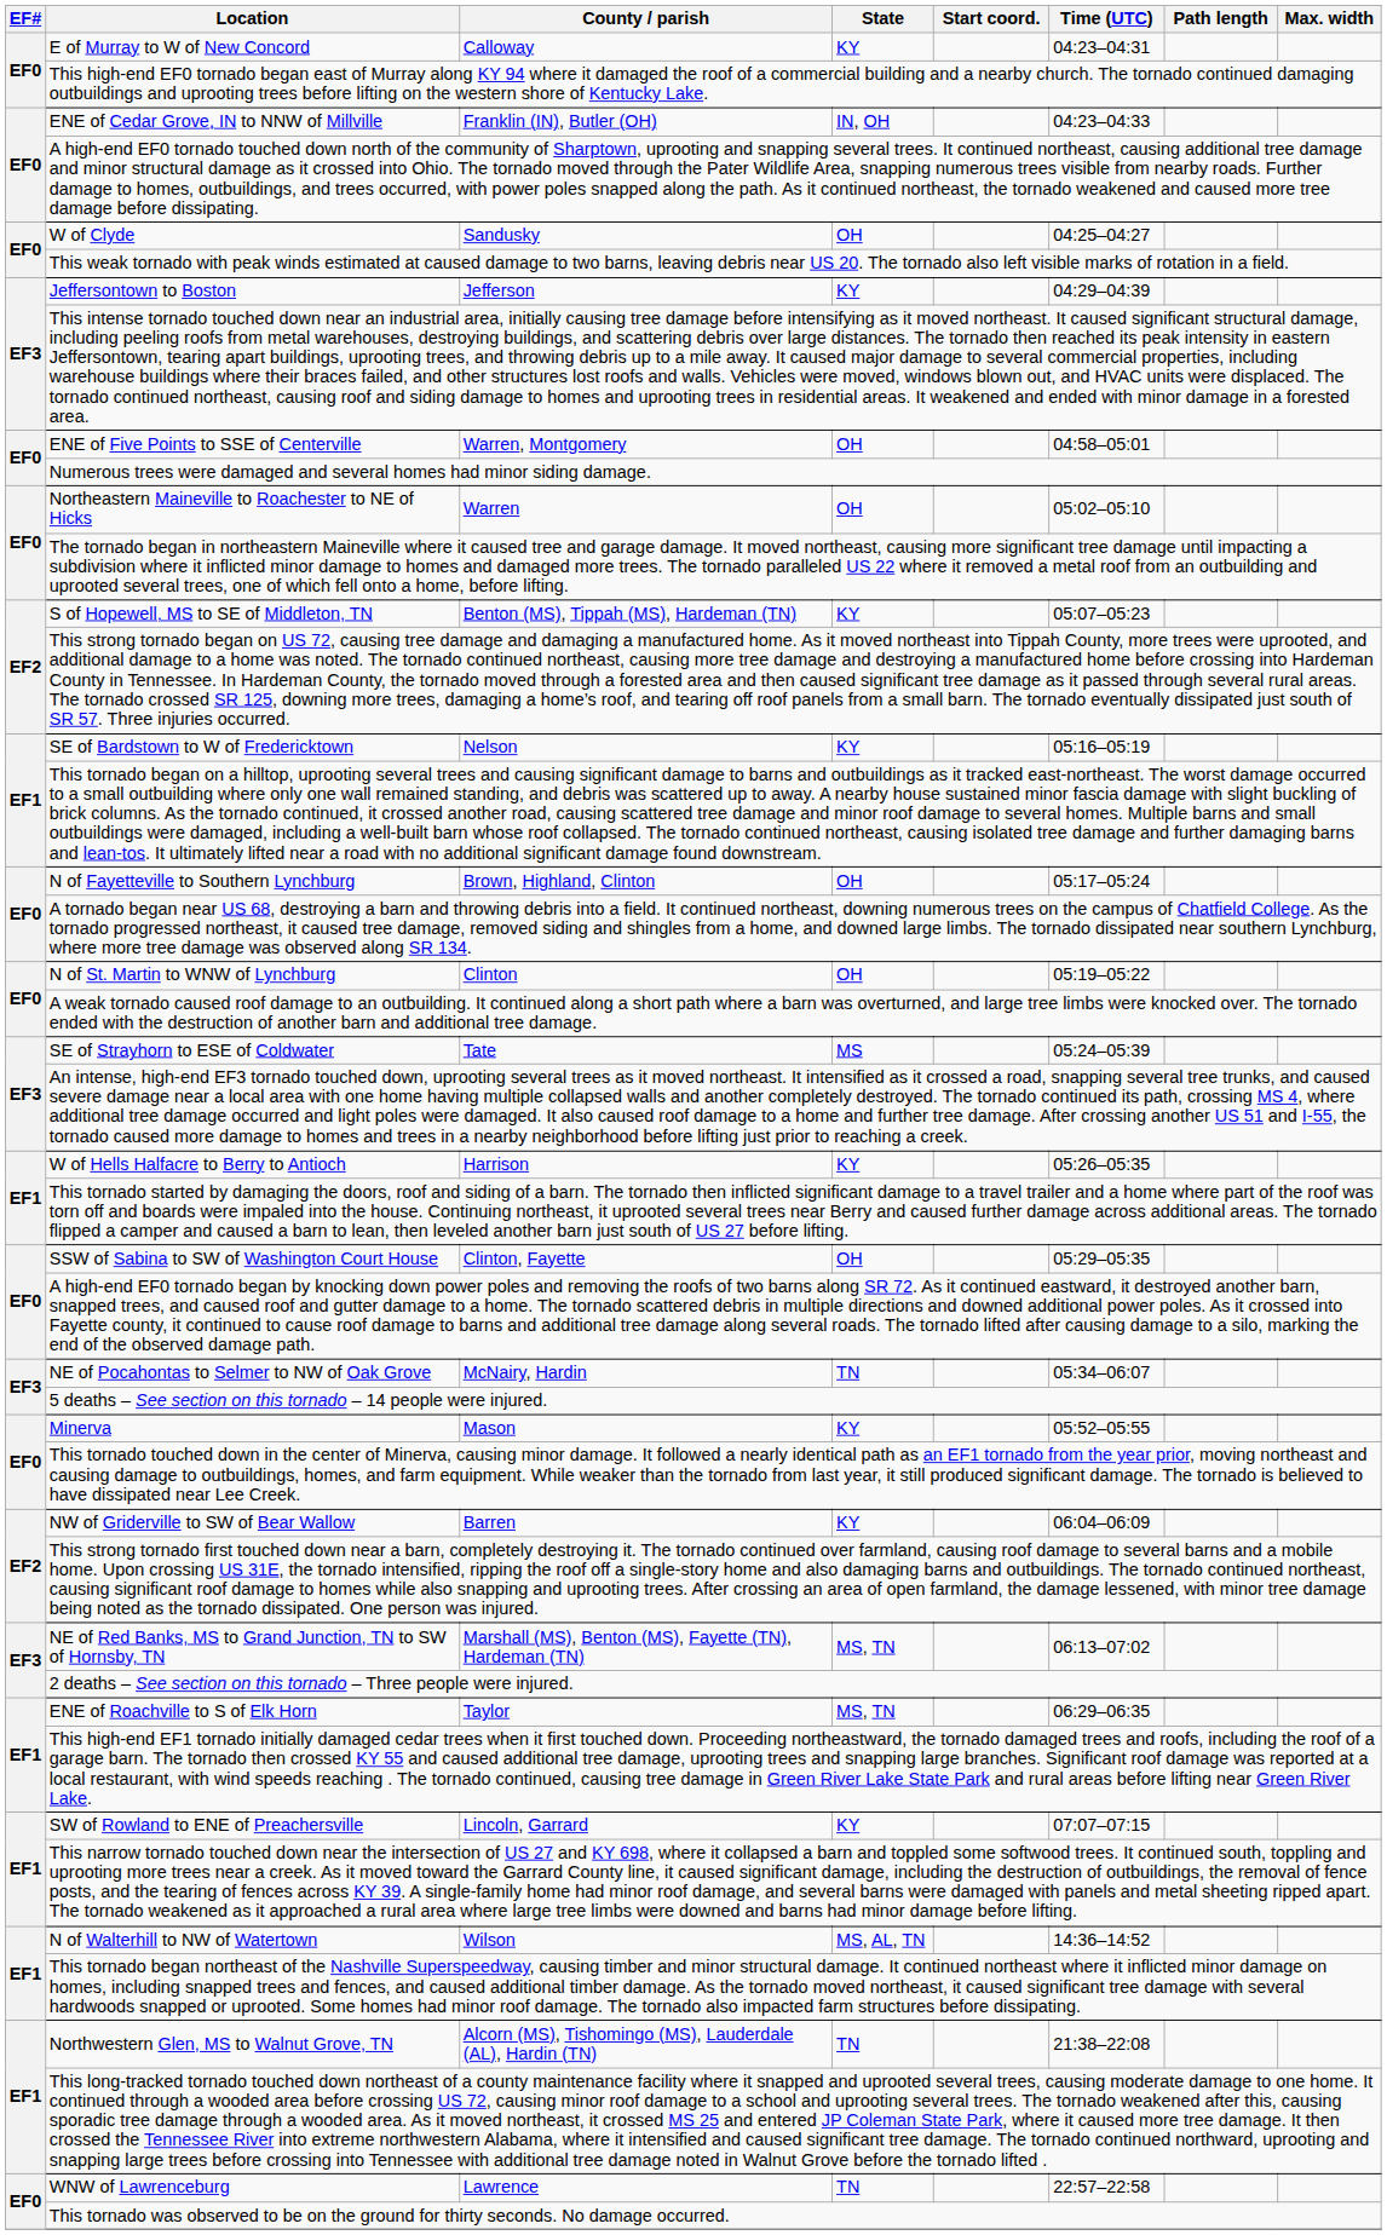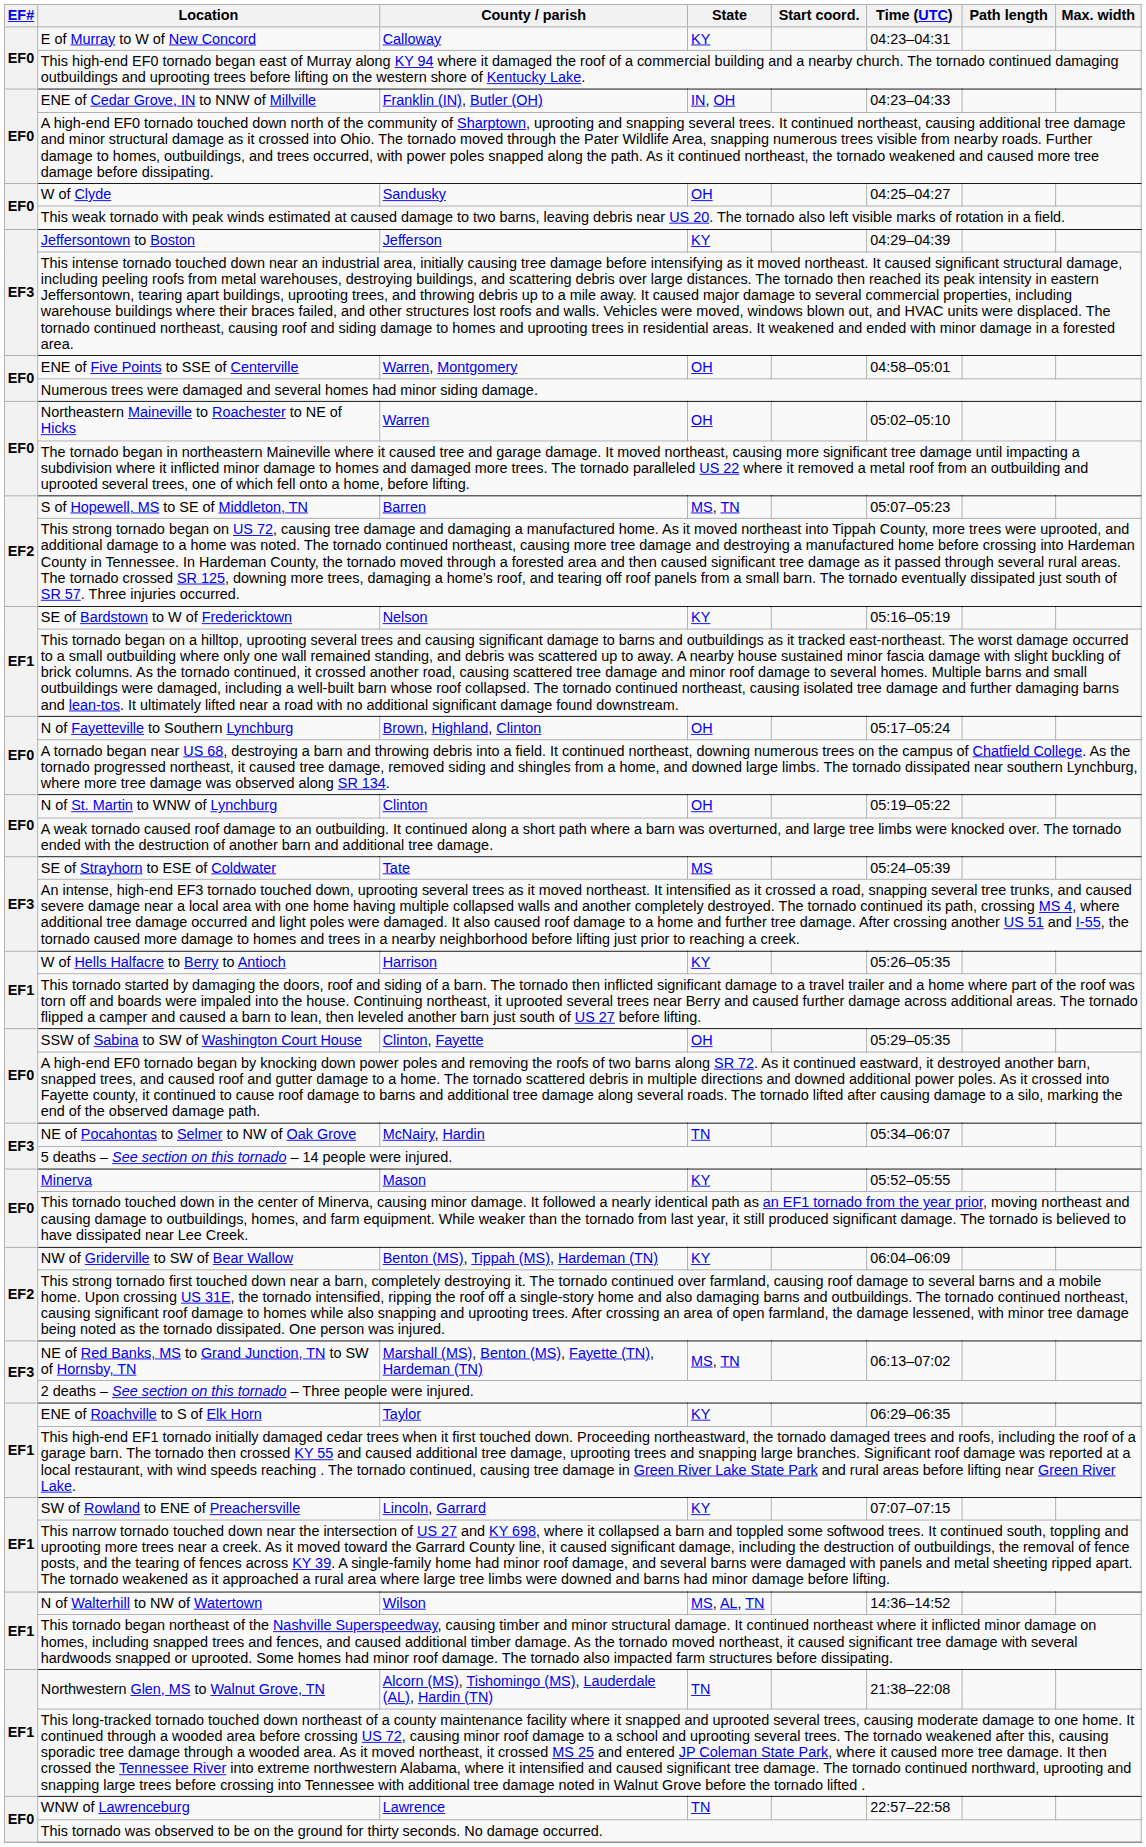 <table class="wikitable sortable" style="width:100%;">
 <tr>
 <th scope="col" width="2%" align="center"><a href='#'>EF#</a></th>
 <th scope="col" align="center" class="unsortable">Location</th>
 <th scope="col" align="center" class="unsortable">County / parish</th>
 <th scope="col" align="center">State</th>
 <th scope="col" align="center">Start coord.</th>
 <th scope="col" align="center">Time (<a href='#'>UTC</a>)</th>
 <th scope="col" align="center">Path length</th>
 <th scope="col" align="center">Max. width</th>
 </tr>
 <tr>
 <th scope="row" rowspan="2" style="background-color:#">EF0</th>
 <td>E of <a href='#'>Murray</a> to W of <a href='#'>New Concord</a></td>
 <td><a href='#'>Calloway</a></td>
 <td><a href='#'>KY</a></td>
 <td></td>
 <td>04:23–04:31</td>
 <td></td>
 <td></td>
 </tr>
 <tr class="expand-child">
 <td colspan="8" style=" border-bottom: 1px solid black;">This high-end EF0 tornado began east of Murray along <a href='#'>KY 94</a> where it damaged the roof of a commercial building and a nearby church. The tornado continued damaging outbuildings and uprooting trees before lifting on the western shore of <a href='#'>Kentucky Lake</a>.</td>
 </tr>
 <tr>
 <th scope="row" rowspan="2" style="background-color:#">EF0</th>
 <td>ENE of <a href='#'>Cedar Grove, IN</a> to NNW of <a href='#'>Millville</a></td>
 <td><a href='#'>Franklin (IN)</a>, <a href='#'>Butler (OH)</a></td>
 <td><a href='#'>IN</a>, <a href='#'>OH</a></td>
 <td></td>
 <td>04:23–04:33</td>
 <td></td>
 <td></td>
 </tr>
 <tr class="expand-child">
 <td colspan="8" style=" border-bottom: 1px solid black;">A high-end EF0 tornado touched down north of the community of <a href='#'>Sharptown</a>, uprooting and snapping several trees. It continued northeast, causing additional tree damage and minor structural damage as it crossed into Ohio. The tornado moved through the Pater Wildlife Area, snapping numerous trees visible from nearby roads. Further damage to homes, outbuildings, and trees occurred, with power poles snapped along the path. As it continued northeast, the tornado weakened and caused more tree damage before dissipating.</td>
 </tr>
 <tr>
 <th scope="row" rowspan="2" style="background-color:#">EF0</th>
 <td>W of <a href='#'>Clyde</a></td>
 <td><a href='#'>Sandusky</a></td>
 <td><a href='#'>OH</a></td>
 <td></td>
 <td>04:25–04:27</td>
 <td></td>
 <td></td>
 </tr>
 <tr class="expand-child">
 <td colspan="8" style=" border-bottom: 1px solid black;">This weak tornado with peak winds estimated at  caused damage to two barns, leaving debris near <a href='#'>US 20</a>. The tornado also left visible marks of rotation in a field.</td>
 </tr>
 <tr>
 <th scope="row" rowspan="2" style="background-color:#">EF3</th>
 <td><a href='#'>Jeffersontown</a> to <a href='#'>Boston</a></td>
 <td><a href='#'>Jefferson</a></td>
 <td><a href='#'>KY</a></td>
 <td></td>
 <td>04:29–04:39</td>
 <td></td>
 <td></td>
 </tr>
 <tr class="expand-child">
 <td colspan="8" style=" border-bottom: 1px solid black;">This intense tornado touched down near an industrial area, initially causing tree damage before intensifying as it moved northeast. It caused significant structural damage, including peeling roofs from metal warehouses, destroying buildings, and scattering debris over large distances. The tornado then reached its peak intensity in eastern Jeffersontown, tearing apart buildings, uprooting trees, and throwing debris up to a mile away. It caused major damage to several commercial properties, including warehouse buildings where their braces failed, and other structures lost roofs and walls. Vehicles were moved, windows blown out, and HVAC units were displaced. The tornado continued northeast, causing roof and siding damage to homes and uprooting trees in residential areas. It weakened and ended with minor damage in a forested area.</td>
 </tr>
 <tr>
 <th scope="row" rowspan="2" style="background-color:#">EF0</th>
 <td>ENE of <a href='#'>Five Points</a> to SSE of <a href='#'>Centerville</a></td>
 <td><a href='#'>Warren</a>, <a href='#'>Montgomery</a></td>
 <td><a href='#'>OH</a></td>
 <td></td>
 <td>04:58–05:01</td>
 <td></td>
 <td></td>
 </tr>
 <tr class="expand-child">
 <td colspan="8" style=" border-bottom: 1px solid black;">Numerous trees were damaged and several homes had minor siding damage.</td>
 </tr>
 <tr>
 <th scope="row" rowspan="2" style="background-color:#">EF0</th>
 <td>Northeastern <a href='#'>Maineville</a> to <a href='#'>Roachester</a> to NE of <a href='#'>Hicks</a></td>
 <td><a href='#'>Warren</a></td>
 <td><a href='#'>OH</a></td>
 <td></td>
 <td>05:02–05:10</td>
 <td></td>
 <td></td>
 </tr>
 <tr class="expand-child">
 <td colspan="8" style=" border-bottom: 1px solid black;">The tornado began in northeastern Maineville where it caused tree and garage damage. It moved northeast, causing more significant tree damage until impacting a subdivision where it inflicted minor damage to homes and damaged more trees. The tornado paralleled <a href='#'>US 22</a> where it removed a metal roof from an outbuilding and uprooted several trees, one of which fell onto a home, before lifting.</td>
 </tr>
 <tr>
 <th scope="row" rowspan="2" style="background-color:#">EF2</th>
 <td>S of <a href='#'>Hopewell, MS</a> to SE of <a href='#'>Middleton, TN</a></td>
-<td><a href='#'>Benton (MS)</a>, <a href='#'>Tippah (MS)</a>, <a href='#'>Hardeman (TN)</a></td>
-<td><a href='#'>KY</a></td>
+<td><a href='#'>Barren</a></td>
+<td><a href='#'>MS</a>, <a href='#'>TN</a></td>
 <td></td>
 <td>05:07–05:23</td>
 <td></td>
 <td></td>
 </tr>
 <tr class="expand-child">
 <td colspan="8" style=" border-bottom: 1px solid black;">This strong tornado began on <a href='#'>US 72</a>, causing tree damage and damaging a manufactured home. As it moved northeast into Tippah County, more trees were uprooted, and additional damage to a home was noted. The tornado continued northeast, causing more tree damage and destroying a manufactured home before crossing into Hardeman County in Tennessee. In Hardeman County, the tornado moved through a forested area and then caused significant tree damage as it passed through several rural areas. The tornado crossed <a href='#'>SR 125</a>, downing more trees, damaging a home’s roof, and tearing off roof panels from a small barn. The tornado eventually dissipated just south of <a href='#'>SR 57</a>. Three injuries occurred.</td>
 </tr>
 <tr>
 <th scope="row" rowspan="2" style="background-color:#">EF1</th>
 <td>SE of <a href='#'>Bardstown</a> to W of <a href='#'>Fredericktown</a></td>
 <td><a href='#'>Nelson</a></td>
 <td><a href='#'>KY</a></td>
 <td></td>
 <td>05:16–05:19</td>
 <td></td>
 <td></td>
 </tr>
 <tr class="expand-child">
 <td colspan="8" style=" border-bottom: 1px solid black;">This tornado began on a hilltop, uprooting several trees and causing significant damage to barns and outbuildings as it tracked east-northeast. The worst damage occurred to a small outbuilding where only one wall remained standing, and debris was scattered up to  away. A nearby house sustained minor fascia damage with slight buckling of brick columns. As the tornado continued, it crossed another road, causing scattered tree damage and minor roof damage to several homes. Multiple barns and small outbuildings were damaged, including a well-built barn whose roof collapsed. The tornado continued northeast, causing isolated tree damage and further damaging barns and <a href='#'>lean-tos</a>. It ultimately lifted near a road with no additional significant damage found downstream.</td>
 </tr>
 <tr>
 <th scope="row" rowspan="2" style="background-color:#">EF0</th>
 <td>N of <a href='#'>Fayetteville</a> to Southern <a href='#'>Lynchburg</a></td>
 <td><a href='#'>Brown</a>, <a href='#'>Highland</a>, <a href='#'>Clinton</a></td>
 <td><a href='#'>OH</a></td>
 <td></td>
 <td>05:17–05:24</td>
 <td></td>
 <td></td>
 </tr>
 <tr class="expand-child">
 <td colspan="8" style=" border-bottom: 1px solid black;">A tornado began near <a href='#'>US 68</a>, destroying a barn and throwing debris into a field. It continued northeast, downing numerous trees on the campus of <a href='#'>Chatfield College</a>. As the tornado progressed northeast, it caused tree damage, removed siding and shingles from a home, and downed large limbs. The tornado dissipated near southern Lynchburg, where more tree damage was observed along <a href='#'>SR 134</a>.</td>
 </tr>
 <tr>
 <th scope="row" rowspan="2" style="background-color:#">EF0</th>
 <td>N of <a href='#'>St. Martin</a> to WNW of <a href='#'>Lynchburg</a></td>
 <td><a href='#'>Clinton</a></td>
 <td><a href='#'>OH</a></td>
 <td></td>
 <td>05:19–05:22</td>
 <td></td>
 <td></td>
 </tr>
 <tr class="expand-child">
 <td colspan="8" style=" border-bottom: 1px solid black;">A weak tornado caused roof damage to an outbuilding. It continued along a short path where a barn was overturned, and large tree limbs were knocked over. The tornado ended with the destruction of another barn and additional tree damage.</td>
 </tr>
 <tr>
 <th scope="row" rowspan="2" style="background-color:#">EF3</th>
 <td>SE of <a href='#'>Strayhorn</a> to ESE of <a href='#'>Coldwater</a></td>
 <td><a href='#'>Tate</a></td>
 <td><a href='#'>MS</a></td>
 <td></td>
 <td>05:24–05:39</td>
 <td></td>
 <td></td>
 </tr>
 <tr class="expand-child">
 <td colspan="8" style=" border-bottom: 1px solid black;">An intense, high-end EF3 tornado touched down, uprooting several trees as it moved northeast. It intensified as it crossed a road, snapping several tree trunks, and caused severe damage near a local area with one home having multiple collapsed walls and another completely destroyed. The tornado continued its path, crossing <a href='#'>MS 4</a>, where additional tree damage occurred and light poles were damaged. It also caused roof damage to a home and further tree damage. After crossing another <a href='#'>US 51</a> and <a href='#'>I-55</a>, the tornado caused more damage to homes and trees in a nearby neighborhood before lifting just prior to reaching a creek.</td>
 </tr>
 <tr>
 <th scope="row" rowspan="2" style="background-color:#">EF1</th>
 <td>W of <a href='#'>Hells Halfacre</a> to <a href='#'>Berry</a> to <a href='#'>Antioch</a></td>
 <td><a href='#'>Harrison</a></td>
 <td><a href='#'>KY</a></td>
 <td></td>
 <td>05:26–05:35</td>
 <td></td>
 <td></td>
 </tr>
 <tr class="expand-child">
 <td colspan="8" style=" border-bottom: 1px solid black;">This tornado started by damaging the doors, roof and siding of a barn. The tornado then inflicted significant damage to a travel trailer and a home where part of the roof was torn off and boards were impaled into the house. Continuing northeast, it uprooted several trees near Berry and caused further damage across additional areas. The tornado flipped a camper and caused a barn to lean, then leveled another barn just south of <a href='#'>US 27</a> before lifting.</td>
 </tr>
 <tr>
 <th scope="row" rowspan="2" style="background-color:#">EF0</th>
 <td>SSW of <a href='#'>Sabina</a> to SW of <a href='#'>Washington Court House</a></td>
 <td><a href='#'>Clinton</a>, <a href='#'>Fayette</a></td>
 <td><a href='#'>OH</a></td>
 <td></td>
 <td>05:29–05:35</td>
 <td></td>
 <td></td>
 </tr>
 <tr class="expand-child">
 <td colspan="8" style=" border-bottom: 1px solid black;">A high-end EF0 tornado began by knocking down power poles and removing the roofs of two barns along <a href='#'>SR 72</a>. As it continued eastward, it destroyed another barn, snapped trees, and caused roof and gutter damage to a home. The tornado scattered debris in multiple directions and downed additional power poles. As it crossed into Fayette county, it continued to cause roof damage to barns and additional tree damage along several roads. The tornado lifted after causing damage to a silo, marking the end of the observed damage path.</td>
 </tr>
 <tr>
 <th scope="row" rowspan="2" style="background-color:#">EF3</th>
 <td>NE of <a href='#'>Pocahontas</a> to <a href='#'>Selmer</a> to NW of <a href='#'>Oak Grove</a></td>
 <td><a href='#'>McNairy</a>, <a href='#'>Hardin</a></td>
 <td><a href='#'>TN</a></td>
 <td></td>
 <td>05:34–06:07</td>
 <td></td>
 <td></td>
 </tr>
 <tr class="expand-child">
 <td colspan="8" style=" border-bottom: 1px solid black;">5 deaths – <em><a href='#'>See section on this tornado</a></em> – 14 people were injured.</td>
 </tr>
 <tr>
 <th scope="row" rowspan="2" style="background-color:#">EF0</th>
 <td><a href='#'>Minerva</a></td>
 <td><a href='#'>Mason</a></td>
 <td><a href='#'>KY</a></td>
 <td></td>
 <td>05:52–05:55</td>
 <td></td>
 <td></td>
 </tr>
 <tr class="expand-child">
 <td colspan="8" style=" border-bottom: 1px solid black;">This tornado touched down in the center of Minerva, causing minor damage. It followed a nearly identical path as <a href='#'>an EF1 tornado from the year prior</a>, moving northeast and causing damage to outbuildings, homes, and farm equipment. While weaker than the tornado from last year, it still produced significant damage. The tornado is believed to have dissipated near Lee Creek.</td>
 </tr>
 <tr>
 <th scope="row" rowspan="2" style="background-color:#">EF2</th>
 <td>NW of <a href='#'>Griderville</a> to SW of <a href='#'>Bear Wallow</a></td>
-<td><a href='#'>Barren</a></td>
+<td><a href='#'>Benton (MS)</a>, <a href='#'>Tippah (MS)</a>, <a href='#'>Hardeman (TN)</a></td>
 <td><a href='#'>KY</a></td>
 <td></td>
 <td>06:04–06:09</td>
 <td></td>
 <td></td>
 </tr>
 <tr class="expand-child">
 <td colspan="8" style=" border-bottom: 1px solid black;">This strong tornado first touched down near a barn, completely destroying it. The tornado continued over farmland, causing roof damage to several barns and a mobile home. Upon crossing <a href='#'>US 31E</a>, the tornado intensified, ripping the roof off a single-story home and also damaging barns and outbuildings. The tornado continued northeast, causing significant roof damage to homes while also snapping and uprooting trees. After crossing an area of open farmland, the damage lessened, with minor tree damage being noted as the tornado dissipated. One person was injured.</td>
 </tr>
 <tr>
 <th scope="row" rowspan="2" style="background-color:#">EF3</th>
 <td>NE of <a href='#'>Red Banks, MS</a> to <a href='#'>Grand Junction, TN</a> to SW of <a href='#'>Hornsby, TN</a></td>
 <td><a href='#'>Marshall (MS)</a>, <a href='#'>Benton (MS)</a>, <a href='#'>Fayette (TN)</a>, <a href='#'>Hardeman (TN)</a></td>
 <td><a href='#'>MS</a>, <a href='#'>TN</a></td>
 <td></td>
 <td>06:13–07:02</td>
 <td></td>
 <td></td>
 </tr>
 <tr class="expand-child">
 <td colspan="8" style=" border-bottom: 1px solid black;">2 deaths – <em><a href='#'>See section on this tornado</a></em> – Three people were injured.</td>
 </tr>
 <tr>
 <th scope="row" rowspan="2" style="background-color:#">EF1</th>
 <td>ENE of <a href='#'>Roachville</a> to S of <a href='#'>Elk Horn</a></td>
 <td><a href='#'>Taylor</a></td>
-<td><a href='#'>MS</a>, <a href='#'>TN</a></td>
+<td><a href='#'>KY</a></td>
 <td></td>
 <td>06:29–06:35</td>
 <td></td>
 <td></td>
 </tr>
 <tr class="expand-child">
 <td colspan="8" style=" border-bottom: 1px solid black;">This high-end EF1 tornado initially damaged cedar trees when it first touched down. Proceeding northeastward, the tornado damaged trees and roofs, including the roof of a garage barn. The tornado then crossed <a href='#'>KY 55</a> and caused additional tree damage, uprooting trees and snapping large branches. Significant roof damage was reported at a local restaurant, with wind speeds reaching . The tornado continued, causing tree damage in <a href='#'>Green River Lake State Park</a> and rural areas before lifting near <a href='#'>Green River Lake</a>.</td>
 </tr>
 <tr>
 <th scope="row" rowspan="2" style="background-color:#">EF1</th>
 <td>SW of <a href='#'>Rowland</a> to ENE of <a href='#'>Preachersville</a></td>
 <td><a href='#'>Lincoln</a>, <a href='#'>Garrard</a></td>
 <td><a href='#'>KY</a></td>
 <td></td>
 <td>07:07–07:15</td>
 <td></td>
 <td></td>
 </tr>
 <tr class="expand-child">
 <td colspan="8" style=" border-bottom: 1px solid black;">This narrow tornado touched down near the intersection of <a href='#'>US 27</a> and <a href='#'>KY 698</a>, where it collapsed a barn and toppled some softwood trees. It continued south, toppling and uprooting more trees near a creek. As it moved toward the Garrard County line, it caused significant damage, including the destruction of outbuildings, the removal of fence posts, and the tearing of fences across <a href='#'>KY 39</a>. A single-family home had minor roof damage, and several barns were damaged with panels and metal sheeting ripped apart. The tornado weakened as it approached a rural area where large tree limbs were downed and barns had minor damage before lifting.</td>
 </tr>
 <tr>
 <th scope="row" rowspan="2" style="background-color:#">EF1</th>
 <td>N of <a href='#'>Walterhill</a> to NW of <a href='#'>Watertown</a></td>
 <td><a href='#'>Wilson</a></td>
 <td><a href='#'>MS</a>, <a href='#'>AL</a>, <a href='#'>TN</a></td>
 <td></td>
 <td>14:36–14:52</td>
 <td></td>
 <td></td>
 </tr>
 <tr class="expand-child">
 <td colspan="8" style=" border-bottom: 1px solid black;">This tornado began northeast of the <a href='#'>Nashville Superspeedway</a>, causing timber and minor structural damage. It continued northeast where it inflicted minor damage on homes, including snapped trees and fences, and caused additional timber damage. As the tornado moved northeast, it caused significant tree damage with several hardwoods snapped or uprooted. Some homes had minor roof damage. The tornado also impacted farm structures before dissipating.</td>
 </tr>
 <tr>
 <th scope="row" rowspan="2" style="background-color:#">EF1</th>
 <td>Northwestern <a href='#'>Glen, MS</a> to <a href='#'>Walnut Grove, TN</a></td>
 <td><a href='#'>Alcorn (MS)</a>, <a href='#'>Tishomingo (MS)</a>, <a href='#'>Lauderdale (AL)</a>, <a href='#'>Hardin (TN)</a></td>
 <td><a href='#'>TN</a></td>
 <td></td>
 <td>21:38–22:08</td>
 <td></td>
 <td></td>
 </tr>
 <tr class="expand-child">
 <td colspan="8" style=" border-bottom: 1px solid black;">This long-tracked tornado touched down northeast of a county maintenance facility where it snapped and uprooted several trees, causing moderate damage to one home. It continued through a wooded area before crossing <a href='#'>US 72</a>, causing minor roof damage to a school and uprooting several trees. The tornado weakened after this, causing sporadic tree damage through a wooded area. As it moved northeast, it crossed <a href='#'>MS 25</a> and entered <a href='#'>JP Coleman State Park</a>, where it caused more tree damage. It then crossed the <a href='#'>Tennessee River</a> into extreme northwestern Alabama, where it intensified and caused significant tree damage. The tornado continued northward, uprooting and snapping large trees before crossing into Tennessee with additional tree damage noted in Walnut Grove before the tornado lifted .</td>
 </tr>
 <tr>
 <th scope="row" rowspan="2" style="background-color:#">EF0</th>
 <td>WNW of <a href='#'>Lawrenceburg</a></td>
 <td><a href='#'>Lawrence</a></td>
 <td><a href='#'>TN</a></td>
 <td></td>
 <td>22:57–22:58</td>
 <td></td>
 <td></td>
 </tr>
 <tr class="expand-child">
 <td colspan="8" style=" border-bottom: 1px solid black;">This tornado was observed to be on the ground for thirty seconds. No damage occurred.</td>
 </tr>
 <tr>
 </tr>
 </table>
